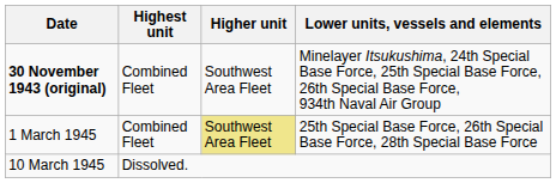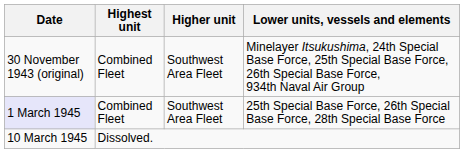 <table class="wikitable">
 <tr>
 <th>Date</th>
 <th>Highest unit</th>
 <th>Higher unit</th>
 <th>Lower units, vessels and elements</th>
 </tr>
 <tr>
-<td><strong>30 November 1943 (original)</strong></td>
+<td>30 November 1943 (original)</td>
 <td>Combined Fleet</td>
 <td>Southwest Area Fleet</td>
 <td>Minelayer <em>Itsukushima</em>, 24th Special Base Force, 25th Special Base Force, 26th Special Base Force,<br>934th Naval Air Group</td>
 </tr>
 <tr>
-<td>1 March 1945</td>
+<td style="background: lavender;">1 March 1945</td>
 <td>Combined Fleet</td>
-<td style="background: khaki;">Southwest Area Fleet</td>
+<td>Southwest Area Fleet</td>
 <td>25th Special Base Force, 26th Special Base Force, 28th Special Base Force</td>
 </tr>
 <tr>
 <td>10 March 1945</td>
 <td colspan="3">Dissolved.</td>
 </tr>
 </table>
